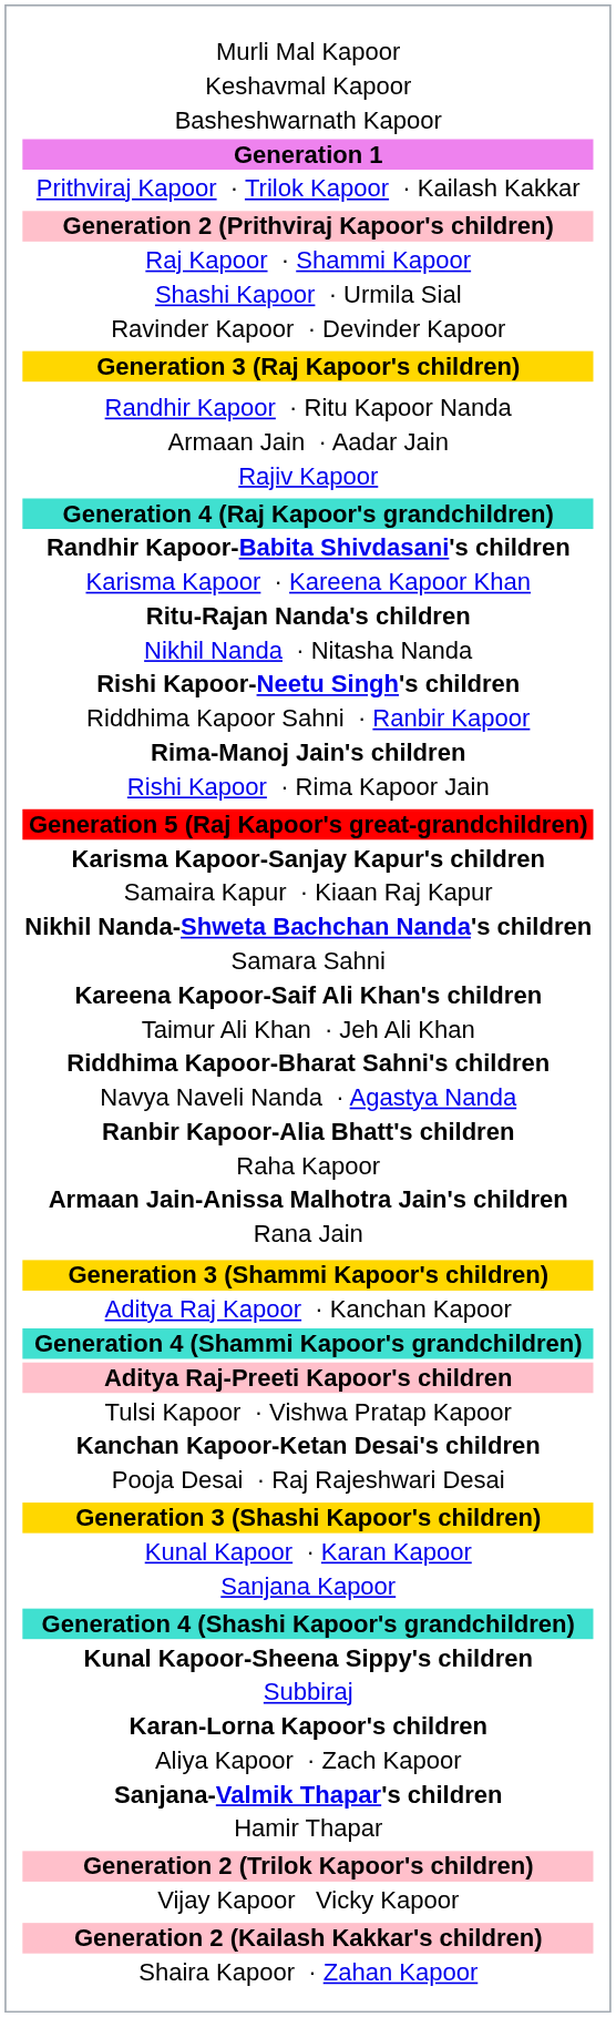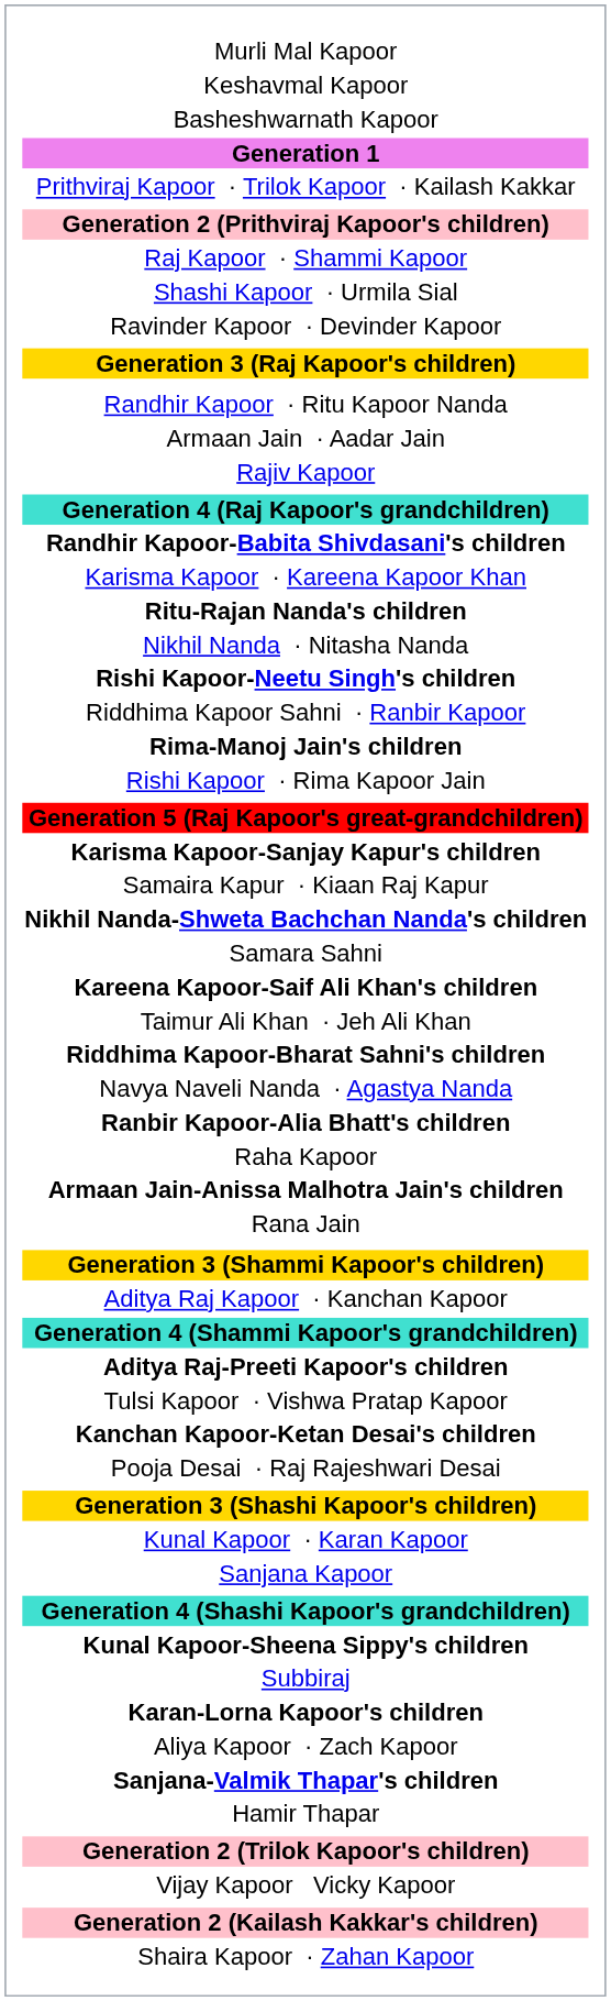 <table class="floatright" style="float: right; text-align: center; font-size: 85%; clear:right; padding:0.5em; border: 1px solid #a2a9b1;">
 <tr>
 <td></td>
 </tr>
 <tr>
 <td></td>
 </tr>
 <tr>
 <td>Murli Mal Kapoor</td>
 </tr>
 <tr>
 <td>Keshavmal Kapoor</td>
 </tr>
 <tr>
 <td>Basheshwarnath Kapoor</td>
 </tr>
 <tr style="background: Violet;">
 <th>Generation 1</th>
 </tr>
 <tr>
 <td><a href='#'>Prithviraj Kapoor</a>  · <a href='#'>Trilok Kapoor</a>  · Kailash Kakkar</td>
 </tr>
 <tr>
 </tr>
 <tr style="background: Pink;">
 <th>Generation 2 (Prithviraj Kapoor's children)</th>
 </tr>
 <tr>
 <td><a href='#'>Raj Kapoor</a>  ·  <a href='#'>Shammi Kapoor</a></td>
 </tr>
 <tr>
 <td><a href='#'>Shashi Kapoor</a>  · Urmila Sial</td>
 </tr>
 <tr>
 <td>Ravinder Kapoor  · Devinder Kapoor</td>
 </tr>
 <tr>
 </tr>
 <tr style="background: gold;">
 <th>Generation 3 (Raj Kapoor's children)</th>
 </tr>
 <tr>
 <td></td>
 </tr>
 <tr>
 <td><a href='#'>Randhir Kapoor</a>  · Ritu Kapoor Nanda</td>
 </tr>
 <tr>
 <td>Armaan Jain  · Aadar Jain</td>
 </tr>
 <tr>
 <td><a href='#'>Rajiv Kapoor</a></td>
 </tr>
 <tr>
 </tr>
 <tr style="background: turquoise;">
 <th>Generation 4 (Raj Kapoor's grandchildren)</th>
 </tr>
 <tr>
 <td><strong>Randhir Kapoor-<a href='#'>Babita Shivdasani</a>'s children</strong></td>
 </tr>
 <tr>
 <td><a href='#'>Karisma Kapoor</a>  · <a href='#'>Kareena Kapoor Khan</a></td>
 </tr>
 <tr>
 <td><strong>Ritu-Rajan Nanda's children</strong></td>
 </tr>
 <tr>
 <td><a href='#'>Nikhil Nanda</a>  · Nitasha Nanda</td>
 </tr>
 <tr>
 <td><strong>Rishi Kapoor-<a href='#'>Neetu Singh</a>'s children</strong></td>
 </tr>
 <tr>
 <td>Riddhima Kapoor Sahni  · <a href='#'>Ranbir Kapoor</a></td>
 </tr>
 <tr>
 <td><strong>Rima-Manoj Jain's children</strong></td>
 </tr>
 <tr>
 <td><a href='#'>Rishi Kapoor</a>  · Rima Kapoor Jain</td>
 </tr>
 <tr>
 </tr>
 <tr style="background: red;">
 <th>Generation 5 (Raj Kapoor's great-grandchildren)</th>
 </tr>
 <tr>
 <td><strong>Karisma Kapoor-Sanjay Kapur's children</strong></td>
 </tr>
 <tr>
 <td>Samaira Kapur  · Kiaan Raj Kapur</td>
 </tr>
 <tr>
 <td><strong>Nikhil Nanda-<a href='#'>Shweta Bachchan Nanda</a>'s children</strong></td>
 </tr>
 <tr>
 <td>Samara Sahni</td>
 </tr>
 <tr>
 <td><strong>Kareena Kapoor-Saif Ali Khan's children</strong></td>
 </tr>
 <tr>
 <td>Taimur Ali Khan  · Jeh Ali Khan</td>
 </tr>
 <tr>
 <td><strong>Riddhima Kapoor-Bharat Sahni's children</strong></td>
 </tr>
 <tr>
 <td>Navya Naveli Nanda  · <a href='#'>Agastya Nanda</a></td>
 </tr>
 <tr>
 <td><strong>Ranbir Kapoor-Alia Bhatt's children</strong></td>
 </tr>
 <tr>
 <td>Raha Kapoor</td>
 </tr>
 <tr>
 <td><strong>Armaan Jain-Anissa Malhotra Jain's children</strong></td>
 </tr>
 <tr>
 <td>Rana Jain</td>
 </tr>
 <tr>
 </tr>
 <tr>
 </tr>
 <tr style="background: gold;">
 <th>Generation 3 (Shammi Kapoor's children)</th>
 </tr>
 <tr>
 <td><a href='#'>Aditya Raj Kapoor</a>  · Kanchan Kapoor</td>
 </tr>
 <tr style="background: turquoise;">
 <th>Generation 4 (Shammi Kapoor's grandchildren)</th>
 </tr>
 <tr>
-<td style="background: pink;"><strong>Aditya Raj-Preeti Kapoor's children</strong></td>
+<td><strong>Aditya Raj-Preeti Kapoor's children</strong></td>
 </tr>
 <tr>
 <td>Tulsi Kapoor  · Vishwa Pratap Kapoor</td>
 </tr>
 <tr>
 <td><strong>Kanchan Kapoor-Ketan Desai's children</strong></td>
 </tr>
 <tr>
 <td>Pooja Desai  · Raj Rajeshwari Desai</td>
 </tr>
 <tr>
 </tr>
 <tr style="background: gold;">
 <th>Generation 3 (Shashi Kapoor's children)</th>
 </tr>
 <tr>
 <td><a href='#'>Kunal Kapoor</a>  · <a href='#'>Karan Kapoor</a></td>
 </tr>
 <tr>
 <td><a href='#'>Sanjana Kapoor</a></td>
 </tr>
 <tr>
 </tr>
 <tr style="background: turquoise;">
 <th>Generation 4 (Shashi Kapoor's grandchildren)</th>
 </tr>
 <tr>
 <td><strong>Kunal Kapoor-Sheena Sippy's children</strong></td>
 </tr>
 <tr>
 <td><a href='#'>Subbiraj</a></td>
 </tr>
 <tr>
 <td><strong>Karan-Lorna Kapoor's children</strong></td>
 </tr>
 <tr>
 <td>Aliya Kapoor  · Zach Kapoor</td>
 </tr>
 <tr>
 <td><strong>Sanjana-<a href='#'>Valmik Thapar</a>'s children</strong></td>
 </tr>
 <tr>
 <td>Hamir Thapar</td>
 </tr>
 <tr>
 </tr>
 <tr style="background: Pink;">
 <th>Generation 2 (Trilok Kapoor's children)</th>
 </tr>
 <tr>
 <td>Vijay Kapoor   Vicky Kapoor</td>
 </tr>
 <tr>
 </tr>
 <tr style="background: Pink;">
 <th>Generation 2 (Kailash Kakkar's children)</th>
 </tr>
 <tr>
 <td>Shaira Kapoor  · <a href='#'>Zahan Kapoor</a></td>
 </tr>
 <tr>
 </tr>
 <tr>
 </tr>
 </table>
